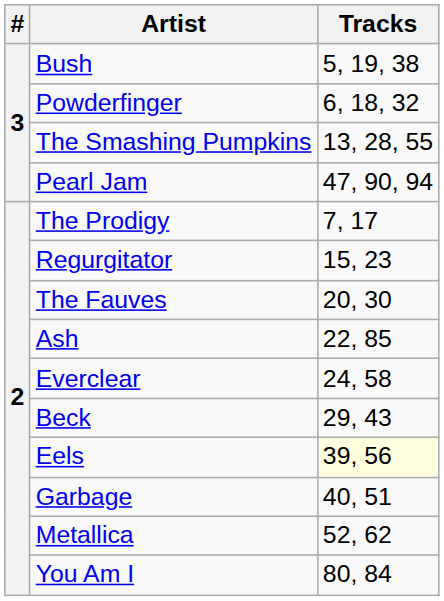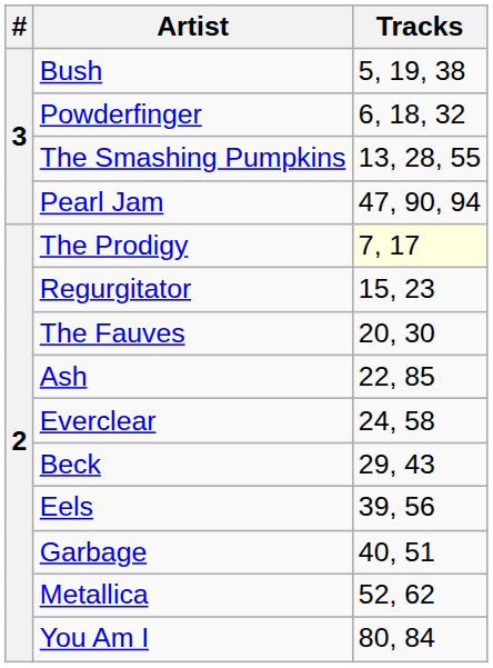 <table class="wikitable sortable">
 <tr>
 <th>#</th>
 <th>Artist</th>
 <th>Tracks</th>
 </tr>
 <tr>
 <th rowspan="4">3</th>
 <td><a href='#'>Bush</a></td>
 <td>5, 19, 38</td>
 </tr>
 <tr>
 <td><a href='#'>Powderfinger</a></td>
 <td>6, 18, 32</td>
 </tr>
 <tr>
 <td><a href='#'>The Smashing Pumpkins</a></td>
 <td>13, 28, 55</td>
 </tr>
 <tr>
 <td><a href='#'>Pearl Jam</a></td>
 <td>47, 90, 94</td>
 </tr>
 <tr>
 <th rowspan="10">2</th>
 <td><a href='#'>The Prodigy</a></td>
-<td>7, 17</td>
+<td style="background: lightyellow;">7, 17</td>
 </tr>
 <tr>
 <td><a href='#'>Regurgitator</a></td>
 <td>15, 23</td>
 </tr>
 <tr>
 <td><a href='#'>The Fauves</a></td>
 <td>20, 30</td>
 </tr>
 <tr>
 <td><a href='#'>Ash</a></td>
 <td>22, 85</td>
 </tr>
 <tr>
 <td><a href='#'>Everclear</a></td>
 <td>24, 58</td>
 </tr>
 <tr>
 <td><a href='#'>Beck</a></td>
 <td>29, 43</td>
 </tr>
 <tr>
 <td><a href='#'>Eels</a></td>
-<td style="background: lightyellow;">39, 56</td>
+<td>39, 56</td>
 </tr>
 <tr>
 <td><a href='#'>Garbage</a></td>
 <td>40, 51</td>
 </tr>
 <tr>
 <td><a href='#'>Metallica</a></td>
 <td>52, 62</td>
 </tr>
 <tr>
 <td><a href='#'>You Am I</a></td>
 <td>80, 84</td>
 </tr>
 </table>
